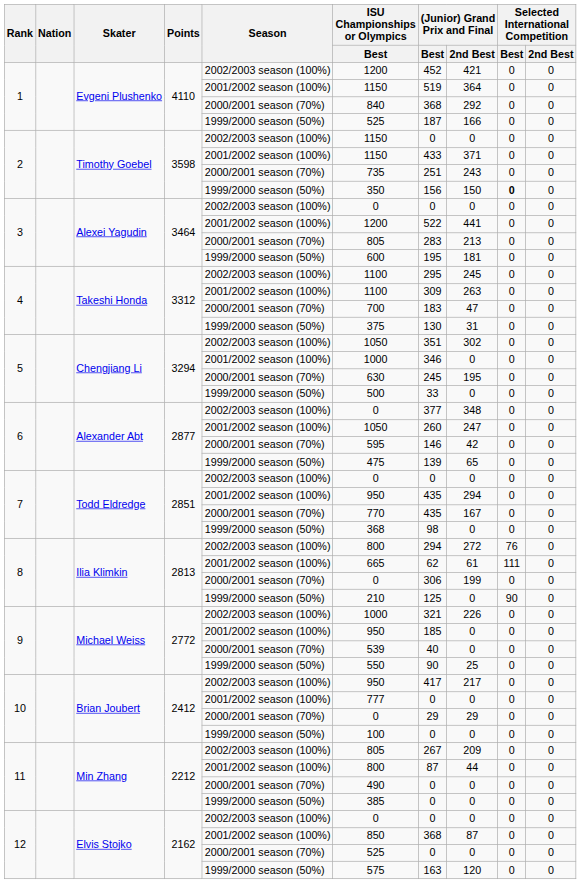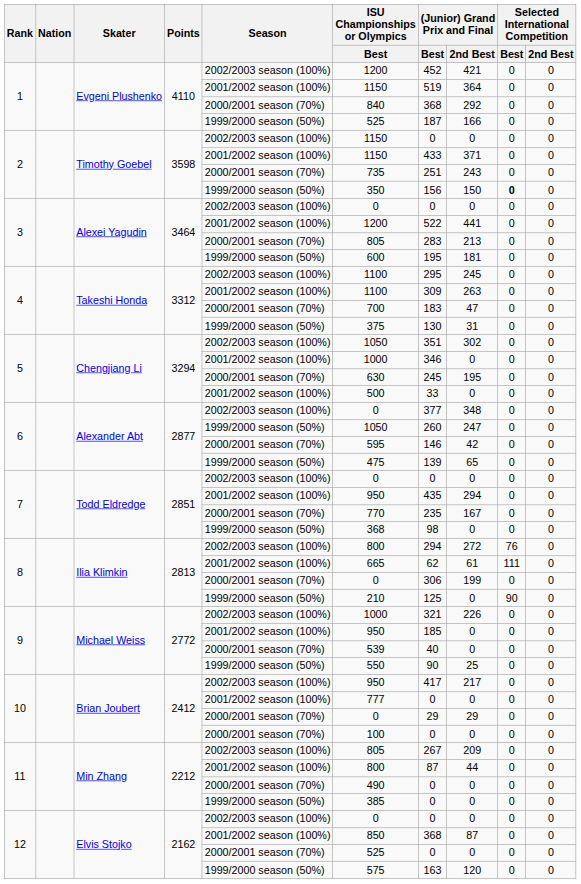 <table class="wikitable sortable" style="text-align: center;">
 <tr>
 <th rowspan="2">Rank</th>
 <th rowspan="2">Nation</th>
 <th rowspan="2">Skater</th>
 <th rowspan="2">Points</th>
 <th rowspan="2">Season</th>
 <th>ISU <br> Championships <br> or Olympics</th>
 <th colspan="2">(Junior) Grand <br> Prix and Final</th>
 <th colspan="2">Selected <br> International <br> Competition</th>
 </tr>
 <tr>
 <th>Best</th>
 <th>Best</th>
 <th>2nd Best</th>
 <th>Best</th>
 <th>2nd Best</th>
 </tr>
 <tr>
 <td rowspan="4">1</td>
 <td rowspan="4" style="text-align: left;"></td>
 <td rowspan="4" style="text-align: left;"><a href='#'>Evgeni Plushenko</a></td>
 <td rowspan="4">4110</td>
 <td style="text-align: left;">2002/2003 season (100%)</td>
 <td>1200</td>
 <td>452</td>
 <td>421</td>
 <td>0</td>
 <td>0</td>
 </tr>
 <tr>
 <td style="text-align: left;">2001/2002 season (100%)</td>
 <td>1150</td>
 <td>519</td>
 <td>364</td>
 <td>0</td>
 <td>0</td>
 </tr>
 <tr>
 <td style="text-align: left;">2000/2001 season (70%)</td>
 <td>840</td>
 <td>368</td>
 <td>292</td>
 <td>0</td>
 <td>0</td>
 </tr>
 <tr>
 <td style="text-align: left;">1999/2000 season (50%)</td>
 <td>525</td>
 <td>187</td>
 <td>166</td>
 <td>0</td>
 <td>0</td>
 </tr>
 <tr>
 <td rowspan="4">2</td>
 <td rowspan="4" style="text-align: left;"></td>
 <td rowspan="4" style="text-align: left;"><a href='#'>Timothy Goebel</a></td>
 <td rowspan="4">3598</td>
 <td style="text-align: left;">2002/2003 season (100%)</td>
 <td>1150</td>
 <td>0</td>
 <td>0</td>
 <td>0</td>
 <td>0</td>
 </tr>
 <tr>
 <td style="text-align: left;">2001/2002 season (100%)</td>
 <td>1150</td>
 <td>433</td>
 <td>371</td>
 <td>0</td>
 <td>0</td>
 </tr>
 <tr>
 <td style="text-align: left;">2000/2001 season (70%)</td>
 <td>735</td>
 <td>251</td>
 <td>243</td>
 <td>0</td>
 <td>0</td>
 </tr>
 <tr>
 <td style="text-align: left;">1999/2000 season (50%)</td>
 <td>350</td>
 <td>156</td>
 <td>150</td>
 <td><strong>0</strong></td>
 <td>0</td>
 </tr>
 <tr>
 <td rowspan="4">3</td>
 <td rowspan="4" style="text-align: left;"></td>
 <td rowspan="4" style="text-align: left;"><a href='#'>Alexei Yagudin</a></td>
 <td rowspan="4">3464</td>
 <td style="text-align: left;">2002/2003 season (100%)</td>
 <td>0</td>
 <td>0</td>
 <td>0</td>
 <td>0</td>
 <td>0</td>
 </tr>
 <tr>
 <td style="text-align: left;">2001/2002 season (100%)</td>
 <td>1200</td>
 <td>522</td>
 <td>441</td>
 <td>0</td>
 <td>0</td>
 </tr>
 <tr>
 <td style="text-align: left;">2000/2001 season (70%)</td>
 <td>805</td>
 <td>283</td>
 <td>213</td>
 <td>0</td>
 <td>0</td>
 </tr>
 <tr>
 <td style="text-align: left;">1999/2000 season (50%)</td>
 <td>600</td>
 <td>195</td>
 <td>181</td>
 <td>0</td>
 <td>0</td>
 </tr>
 <tr>
 <td rowspan="4">4</td>
 <td rowspan="4" style="text-align: left;"></td>
 <td rowspan="4" style="text-align: left;"><a href='#'>Takeshi Honda</a></td>
 <td rowspan="4">3312</td>
 <td style="text-align: left;">2002/2003 season (100%)</td>
 <td>1100</td>
 <td>295</td>
 <td>245</td>
 <td>0</td>
 <td>0</td>
 </tr>
 <tr>
 <td style="text-align: left;">2001/2002 season (100%)</td>
 <td>1100</td>
 <td>309</td>
 <td>263</td>
 <td>0</td>
 <td>0</td>
 </tr>
 <tr>
 <td style="text-align: left;">2000/2001 season (70%)</td>
 <td>700</td>
 <td>183</td>
 <td>47</td>
 <td>0</td>
 <td>0</td>
 </tr>
 <tr>
 <td style="text-align: left;">1999/2000 season (50%)</td>
 <td>375</td>
 <td>130</td>
 <td>31</td>
 <td>0</td>
 <td>0</td>
 </tr>
 <tr>
 <td rowspan="4">5</td>
 <td rowspan="4" style="text-align: left;"></td>
 <td rowspan="4" style="text-align: left;"><a href='#'>Chengjiang Li</a></td>
 <td rowspan="4">3294</td>
 <td style="text-align: left;">2002/2003 season (100%)</td>
 <td>1050</td>
 <td>351</td>
 <td>302</td>
 <td>0</td>
 <td>0</td>
 </tr>
 <tr>
 <td style="text-align: left;">2001/2002 season (100%)</td>
 <td>1000</td>
 <td>346</td>
 <td>0</td>
 <td>0</td>
 <td>0</td>
 </tr>
 <tr>
 <td style="text-align: left;">2000/2001 season (70%)</td>
 <td>630</td>
 <td>245</td>
 <td>195</td>
 <td>0</td>
 <td>0</td>
 </tr>
 <tr>
-<td style="text-align: left;">1999/2000 season (50%)</td>
+<td style="text-align: left;">2001/2002 season (100%)</td>
 <td>500</td>
 <td>33</td>
 <td>0</td>
 <td>0</td>
 <td>0</td>
 </tr>
 <tr>
 <td rowspan="4">6</td>
 <td rowspan="4" style="text-align: left;"></td>
 <td rowspan="4" style="text-align: left;"><a href='#'>Alexander Abt</a></td>
 <td rowspan="4">2877</td>
 <td style="text-align: left;">2002/2003 season (100%)</td>
 <td>0</td>
 <td>377</td>
 <td>348</td>
 <td>0</td>
 <td>0</td>
 </tr>
 <tr>
-<td style="text-align: left;">2001/2002 season (100%)</td>
+<td style="text-align: left;">1999/2000 season (50%)</td>
 <td>1050</td>
 <td>260</td>
 <td>247</td>
 <td>0</td>
 <td>0</td>
 </tr>
 <tr>
 <td style="text-align: left;">2000/2001 season (70%)</td>
 <td>595</td>
 <td>146</td>
 <td>42</td>
 <td>0</td>
 <td>0</td>
 </tr>
 <tr>
 <td style="text-align: left;">1999/2000 season (50%)</td>
 <td>475</td>
 <td>139</td>
 <td>65</td>
 <td>0</td>
 <td>0</td>
 </tr>
 <tr>
 <td rowspan="4">7</td>
 <td rowspan="4" style="text-align: left;"></td>
 <td rowspan="4" style="text-align: left;"><a href='#'>Todd Eldredge</a></td>
 <td rowspan="4">2851</td>
 <td style="text-align: left;">2002/2003 season (100%)</td>
 <td>0</td>
 <td>0</td>
 <td>0</td>
 <td>0</td>
 <td>0</td>
 </tr>
 <tr>
 <td style="text-align: left;">2001/2002 season (100%)</td>
 <td>950</td>
 <td>435</td>
 <td>294</td>
 <td>0</td>
 <td>0</td>
 </tr>
 <tr>
 <td style="text-align: left;">2000/2001 season (70%)</td>
 <td>770</td>
-<td>435</td>
+<td>235</td>
 <td>167</td>
 <td>0</td>
 <td>0</td>
 </tr>
 <tr>
 <td style="text-align: left;">1999/2000 season (50%)</td>
 <td>368</td>
 <td>98</td>
 <td>0</td>
 <td>0</td>
 <td>0</td>
 </tr>
 <tr>
 <td rowspan="4">8</td>
 <td rowspan="4" style="text-align: left;"></td>
 <td rowspan="4" style="text-align: left;"><a href='#'>Ilia Klimkin</a></td>
 <td rowspan="4">2813</td>
 <td style="text-align: left;">2002/2003 season (100%)</td>
 <td>800</td>
 <td>294</td>
 <td>272</td>
 <td>76</td>
 <td>0</td>
 </tr>
 <tr>
 <td style="text-align: left;">2001/2002 season (100%)</td>
 <td>665</td>
 <td>62</td>
 <td>61</td>
 <td>111</td>
 <td>0</td>
 </tr>
 <tr>
 <td style="text-align: left;">2000/2001 season (70%)</td>
 <td>0</td>
 <td>306</td>
 <td>199</td>
 <td>0</td>
 <td>0</td>
 </tr>
 <tr>
 <td style="text-align: left;">1999/2000 season (50%)</td>
 <td>210</td>
 <td>125</td>
 <td>0</td>
 <td>90</td>
 <td>0</td>
 </tr>
 <tr>
 <td rowspan="4">9</td>
 <td rowspan="4" style="text-align: left;"></td>
 <td rowspan="4" style="text-align: left;"><a href='#'>Michael Weiss</a></td>
 <td rowspan="4">2772</td>
 <td style="text-align: left;">2002/2003 season (100%)</td>
 <td>1000</td>
 <td>321</td>
 <td>226</td>
 <td>0</td>
 <td>0</td>
 </tr>
 <tr>
 <td style="text-align: left;">2001/2002 season (100%)</td>
 <td>950</td>
 <td>185</td>
 <td>0</td>
 <td>0</td>
 <td>0</td>
 </tr>
 <tr>
 <td style="text-align: left;">2000/2001 season (70%)</td>
 <td>539</td>
 <td>40</td>
 <td>0</td>
 <td>0</td>
 <td>0</td>
 </tr>
 <tr>
 <td style="text-align: left;">1999/2000 season (50%)</td>
 <td>550</td>
 <td>90</td>
 <td>25</td>
 <td>0</td>
 <td>0</td>
 </tr>
 <tr>
 <td rowspan="4">10</td>
 <td rowspan="4" style="text-align: left;"></td>
 <td rowspan="4" style="text-align: left;"><a href='#'>Brian Joubert</a></td>
 <td rowspan="4">2412</td>
 <td style="text-align: left;">2002/2003 season (100%)</td>
 <td>950</td>
 <td>417</td>
 <td>217</td>
 <td>0</td>
 <td>0</td>
 </tr>
 <tr>
 <td style="text-align: left;">2001/2002 season (100%)</td>
 <td>777</td>
 <td>0</td>
 <td>0</td>
 <td>0</td>
 <td>0</td>
 </tr>
 <tr>
 <td style="text-align: left;">2000/2001 season (70%)</td>
 <td>0</td>
 <td>29</td>
 <td>29</td>
 <td>0</td>
 <td>0</td>
 </tr>
 <tr>
-<td style="text-align: left;">1999/2000 season (50%)</td>
+<td style="text-align: left;">2000/2001 season (70%)</td>
 <td>100</td>
 <td>0</td>
 <td>0</td>
 <td>0</td>
 <td>0</td>
 </tr>
 <tr>
 <td rowspan="4">11</td>
 <td rowspan="4" style="text-align: left;"></td>
 <td rowspan="4" style="text-align: left;"><a href='#'>Min Zhang</a></td>
 <td rowspan="4">2212</td>
 <td style="text-align: left;">2002/2003 season (100%)</td>
 <td>805</td>
 <td>267</td>
 <td>209</td>
 <td>0</td>
 <td>0</td>
 </tr>
 <tr>
 <td style="text-align: left;">2001/2002 season (100%)</td>
 <td>800</td>
 <td>87</td>
 <td>44</td>
 <td>0</td>
 <td>0</td>
 </tr>
 <tr>
 <td style="text-align: left;">2000/2001 season (70%)</td>
 <td>490</td>
 <td>0</td>
 <td>0</td>
 <td>0</td>
 <td>0</td>
 </tr>
 <tr>
 <td style="text-align: left;">1999/2000 season (50%)</td>
 <td>385</td>
 <td>0</td>
 <td>0</td>
 <td>0</td>
 <td>0</td>
 </tr>
 <tr>
 <td rowspan="4">12</td>
 <td rowspan="4" style="text-align: left;"></td>
 <td rowspan="4" style="text-align: left;"><a href='#'>Elvis Stojko</a></td>
 <td rowspan="4">2162</td>
 <td style="text-align: left;">2002/2003 season (100%)</td>
 <td>0</td>
 <td>0</td>
 <td>0</td>
 <td>0</td>
 <td>0</td>
 </tr>
 <tr>
 <td style="text-align: left;">2001/2002 season (100%)</td>
 <td>850</td>
 <td>368</td>
 <td>87</td>
 <td>0</td>
 <td>0</td>
 </tr>
 <tr>
 <td style="text-align: left;">2000/2001 season (70%)</td>
 <td>525</td>
 <td>0</td>
 <td>0</td>
 <td>0</td>
 <td>0</td>
 </tr>
 <tr>
 <td style="text-align: left;">1999/2000 season (50%)</td>
 <td>575</td>
 <td>163</td>
 <td>120</td>
 <td>0</td>
 <td>0</td>
 </tr>
 </table>
